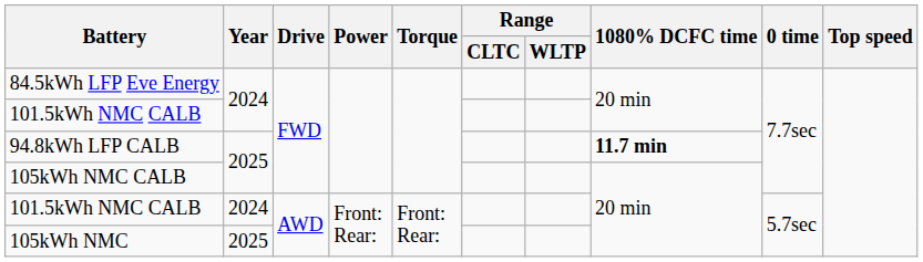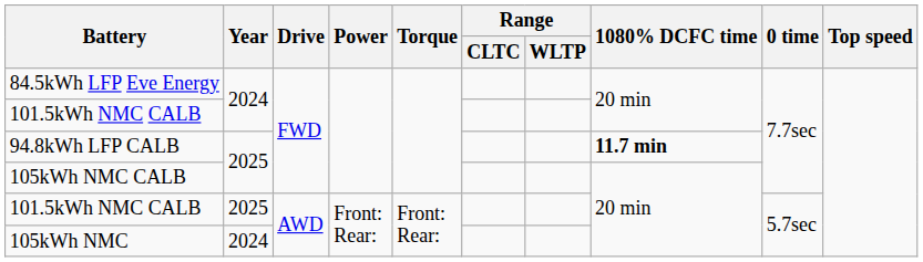 <table class="wikitable">
 <tr>
 <th rowspan="2">Battery</th>
 <th rowspan="2">Year</th>
 <th rowspan="2">Drive</th>
 <th rowspan="2">Power</th>
 <th rowspan="2">Torque</th>
 <th colspan="2">Range</th>
 <th rowspan="2">1080% DCFC time</th>
 <th rowspan="2">0 time</th>
 <th rowspan="2">Top speed</th>
 </tr>
 <tr>
 <th>CLTC</th>
 <th>WLTP</th>
 </tr>
 <tr>
 <td>84.5kWh <a href='#'>LFP</a> <a href='#'>Eve Energy</a></td>
 <td rowspan="2">2024</td>
 <td rowspan="4"><a href='#'>FWD</a></td>
 <td rowspan="4"></td>
 <td rowspan="4"></td>
 <td></td>
 <td></td>
 <td rowspan="2">20 min</td>
 <td rowspan="4">7.7sec</td>
 <td rowspan="6"></td>
 </tr>
 <tr>
 <td>101.5kWh <a href='#'>NMC</a> <a href='#'>CALB</a></td>
 <td></td>
 <td></td>
 </tr>
 <tr>
 <td>94.8kWh LFP CALB</td>
 <td rowspan="2">2025</td>
 <td></td>
 <td></td>
 <td><strong>11.7 min</strong></td>
 </tr>
 <tr>
 <td>105kWh NMC CALB</td>
 <td></td>
 <td></td>
 <td rowspan="3">20 min</td>
 </tr>
 <tr>
 <td>101.5kWh NMC CALB</td>
-<td>2024</td>
+<td>2025</td>
 <td rowspan="2"><a href='#'>AWD</a></td>
 <td rowspan="2">Front: <br>Rear:   </td>
 <td rowspan="2">Front: <br>Rear:   </td>
 <td></td>
 <td></td>
 <td rowspan="2">5.7sec</td>
 </tr>
 <tr>
 <td>105kWh NMC</td>
-<td>2025</td>
+<td>2024</td>
 <td></td>
 <td></td>
 </tr>
 </table>
